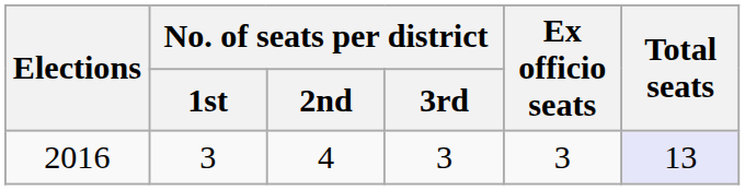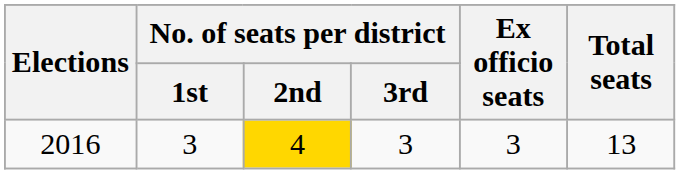 <table class=wikitable style="text-align:center">
 <tr>
 <th rowspan=2>Elections</th>
 <th colspan=3>No. of seats per district</th>
 <th width=50px rowspan=2>Ex officio seats</th>
 <th width=50px rowspan=2>Total seats</th>
 </tr>
 <tr>
 <th width=50px>1st</th>
 <th width=50px>2nd</th>
 <th width=50px>3rd</th>
 </tr>
 <tr>
 <td>2016</td>
 <td>3</td>
-<td>4</td>
+<td style="background: gold;">4</td>
 <td>3</td>
 <td>3</td>
-<td style="background: lavender;">13</td>
+<td>13</td>
 </tr>
 </table>
